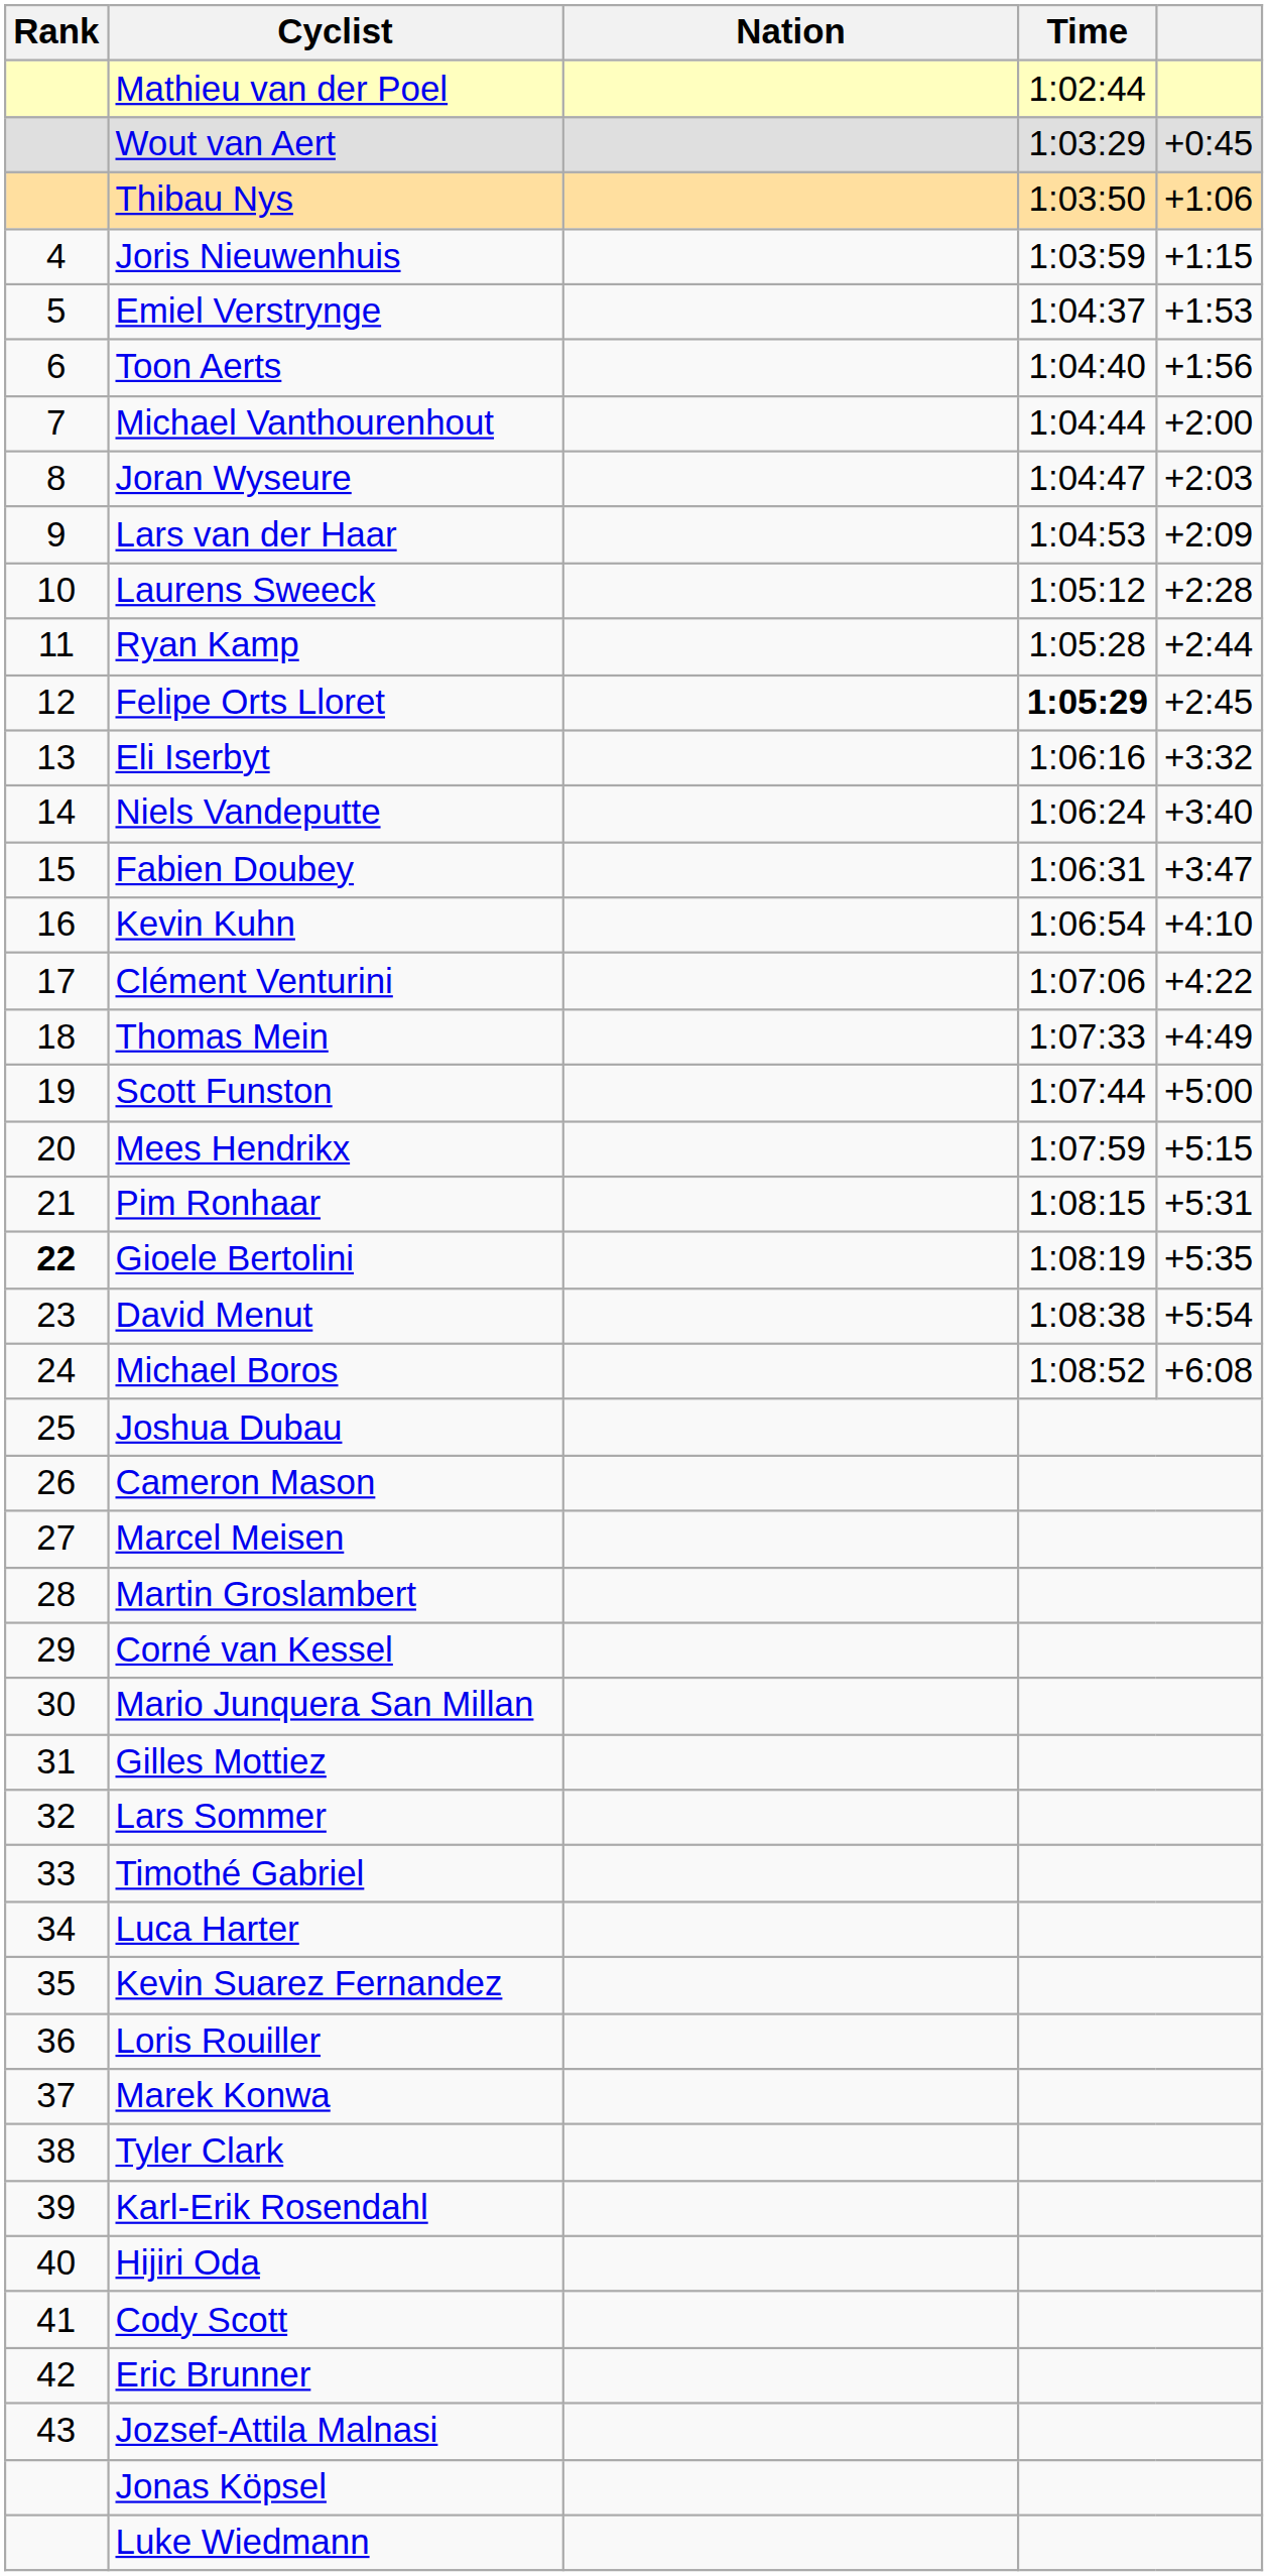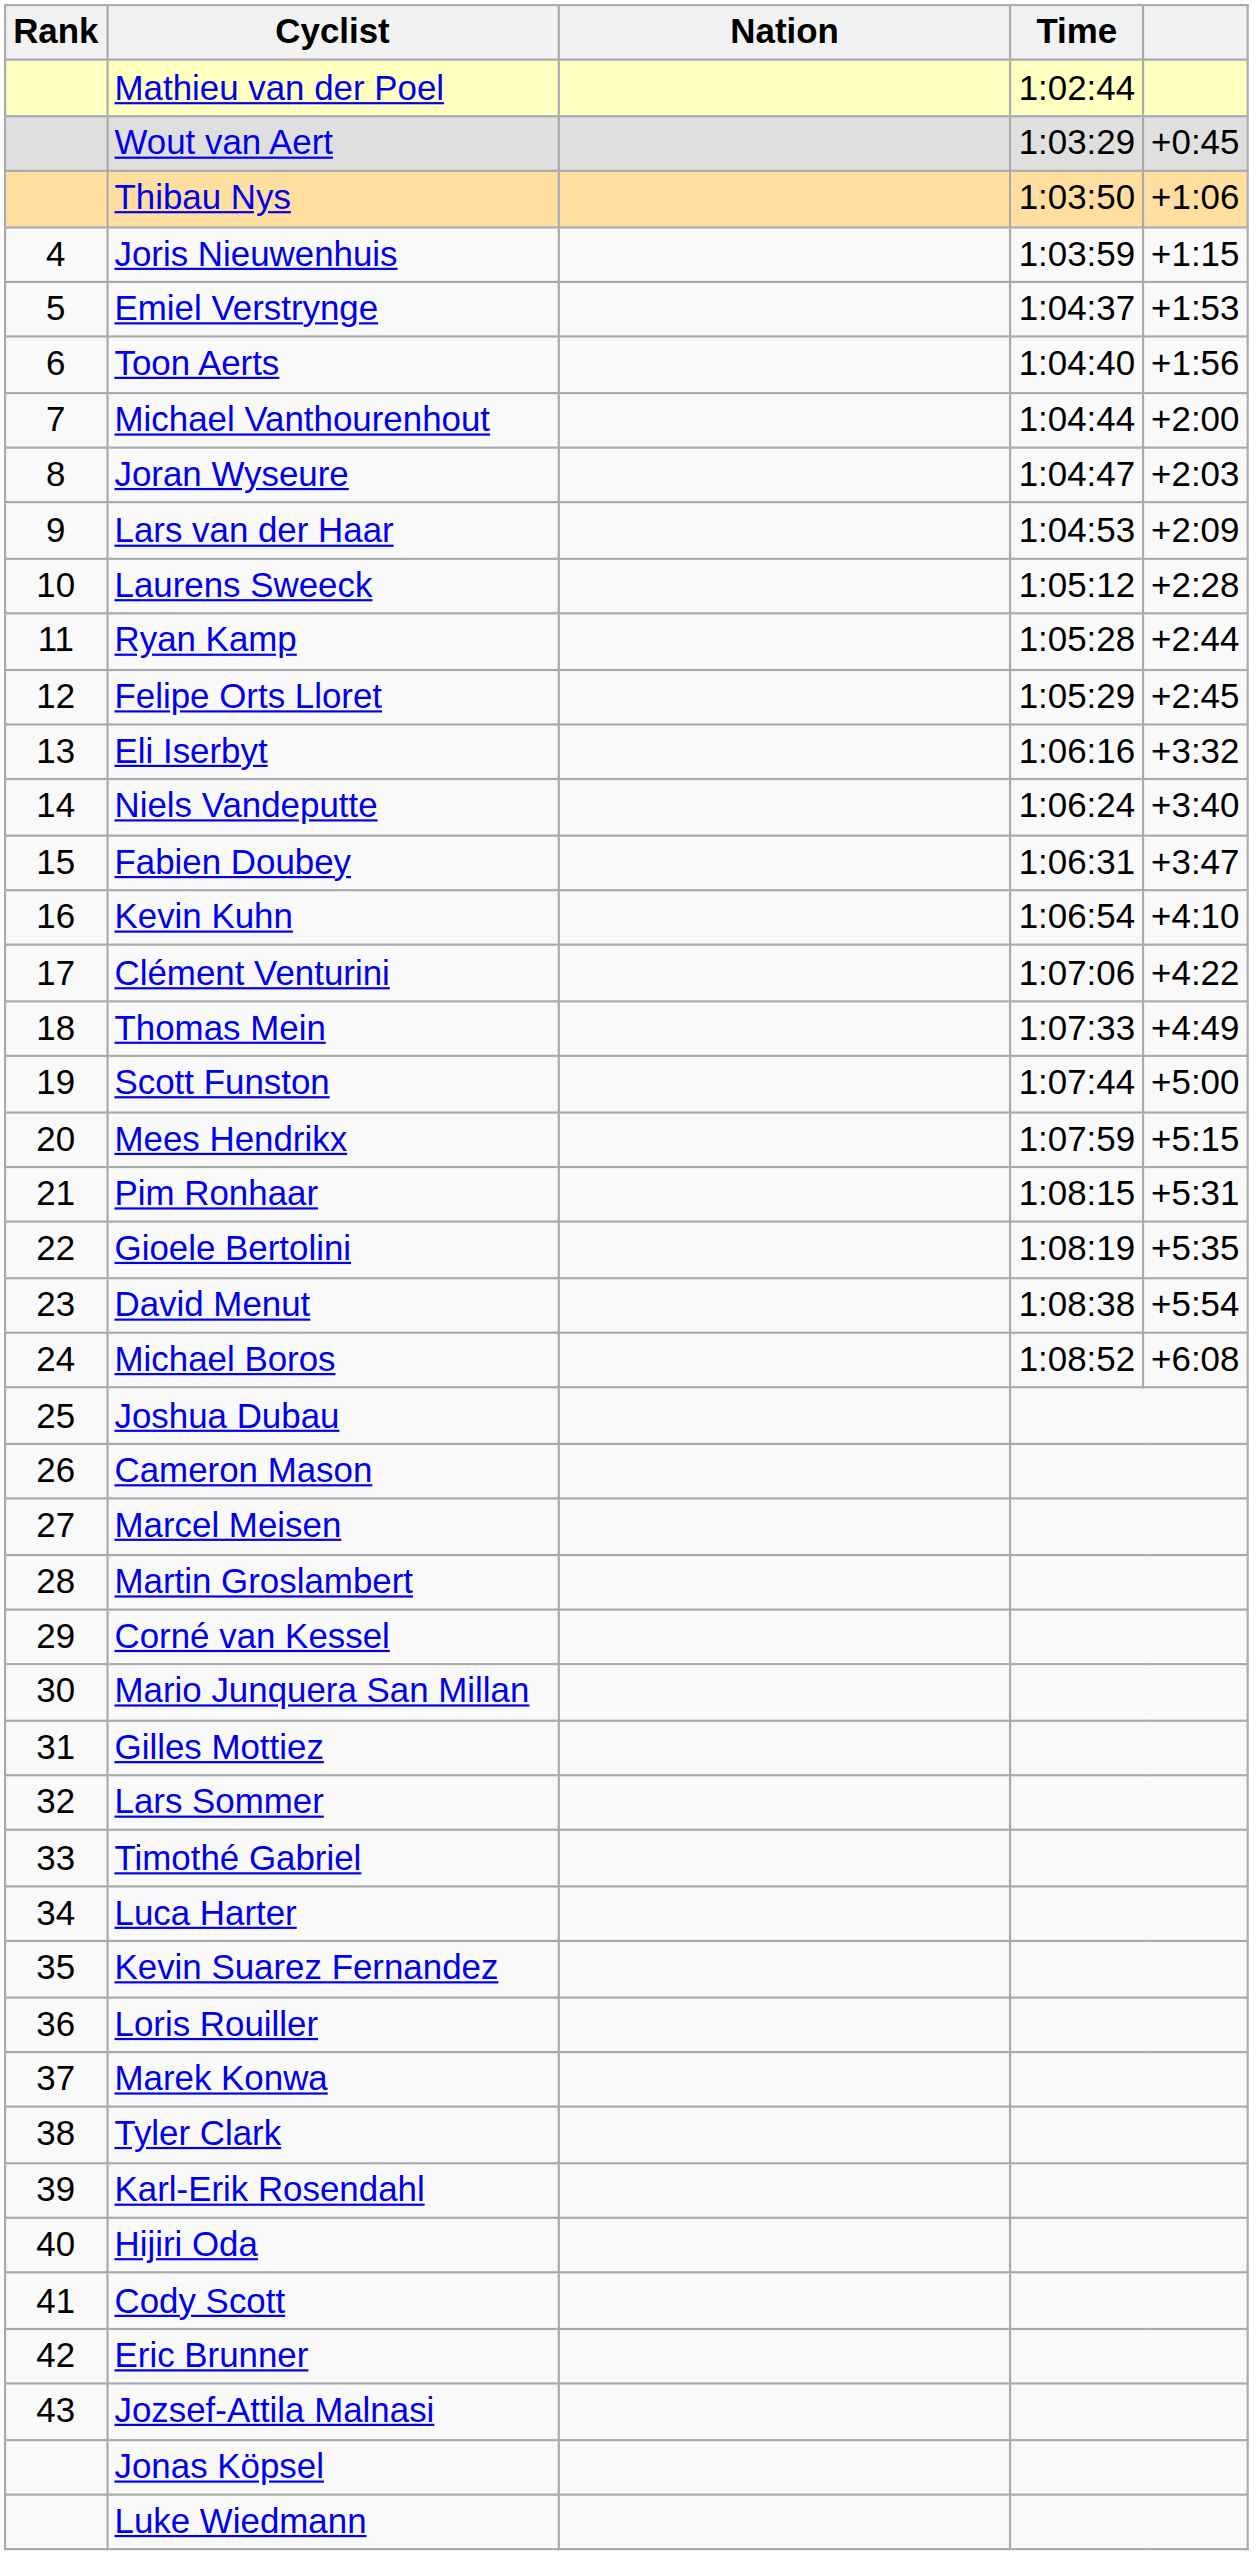 <table class="wikitable sortable" style="text-align:center">
 <tr style="background:#efefef;">
 <th width="30">Rank</th>
 <th width="200">Cyclist</th>
 <th width="200">Nation</th>
 <th width="40">Time</th>
 <th width="40"></th>
 </tr>
 <tr style="background:#FFFFBF;">
 <td></td>
 <td align="left"><a href='#'>Mathieu van der Poel</a></td>
 <td align="left"></td>
 <td>1:02:44</td>
 <td></td>
 </tr>
 <tr style="background:#DFDFDF;">
 <td></td>
 <td align="left"><a href='#'>Wout van Aert</a></td>
 <td align="left"></td>
 <td>1:03:29</td>
 <td>+0:45</td>
 </tr>
 <tr style="background:#FFDF9F;">
 <td></td>
 <td align="left"><a href='#'>Thibau Nys</a></td>
 <td align="left"></td>
 <td>1:03:50</td>
 <td>+1:06</td>
 </tr>
 <tr>
 <td>4</td>
 <td align="left"><a href='#'>Joris Nieuwenhuis</a></td>
 <td align="left"></td>
 <td>1:03:59</td>
 <td>+1:15</td>
 </tr>
 <tr>
 <td>5</td>
 <td align="left"><a href='#'>Emiel Verstrynge</a></td>
 <td align="left"></td>
 <td>1:04:37</td>
 <td>+1:53</td>
 </tr>
 <tr>
 <td>6</td>
 <td align="left"><a href='#'>Toon Aerts</a></td>
 <td align="left"></td>
 <td>1:04:40</td>
 <td>+1:56</td>
 </tr>
 <tr>
 <td>7</td>
 <td align="left"><a href='#'>Michael Vanthourenhout</a></td>
 <td align="left"></td>
 <td>1:04:44</td>
 <td>+2:00</td>
 </tr>
 <tr>
 <td>8</td>
 <td align="left"><a href='#'>Joran Wyseure</a></td>
 <td align="left"></td>
 <td>1:04:47</td>
 <td>+2:03</td>
 </tr>
 <tr>
 <td>9</td>
 <td align="left"><a href='#'>Lars van der Haar</a></td>
 <td align="left"></td>
 <td>1:04:53</td>
 <td>+2:09</td>
 </tr>
 <tr>
 <td>10</td>
 <td align="left"><a href='#'>Laurens Sweeck</a></td>
 <td align="left"></td>
 <td>1:05:12</td>
 <td>+2:28</td>
 </tr>
 <tr>
 <td>11</td>
 <td align="left"><a href='#'>Ryan Kamp</a></td>
 <td align="left"></td>
 <td>1:05:28</td>
 <td>+2:44</td>
 </tr>
 <tr>
 <td>12</td>
 <td align="left"><a href='#'>Felipe Orts Lloret</a></td>
 <td align="left"></td>
-<td><strong>1:05:29</strong></td>
+<td>1:05:29</td>
 <td>+2:45</td>
 </tr>
 <tr>
 <td>13</td>
 <td align="left"><a href='#'>Eli Iserbyt</a></td>
 <td align="left"></td>
 <td>1:06:16</td>
 <td>+3:32</td>
 </tr>
 <tr>
 <td>14</td>
 <td align="left"><a href='#'>Niels Vandeputte</a></td>
 <td align="left"></td>
 <td>1:06:24</td>
 <td>+3:40</td>
 </tr>
 <tr>
 <td>15</td>
 <td align="left"><a href='#'>Fabien Doubey</a></td>
 <td align="left"></td>
 <td>1:06:31</td>
 <td>+3:47</td>
 </tr>
 <tr>
 <td>16</td>
 <td align="left"><a href='#'>Kevin Kuhn</a></td>
 <td align="left"></td>
 <td>1:06:54</td>
 <td>+4:10</td>
 </tr>
 <tr>
 <td>17</td>
 <td align="left"><a href='#'>Clément Venturini</a></td>
 <td align="left"></td>
 <td>1:07:06</td>
 <td>+4:22</td>
 </tr>
 <tr>
 <td>18</td>
 <td align="left"><a href='#'>Thomas Mein</a></td>
 <td align="left"></td>
 <td>1:07:33</td>
 <td>+4:49</td>
 </tr>
 <tr>
 <td>19</td>
 <td align="left"><a href='#'>Scott Funston</a></td>
 <td align="left"></td>
 <td>1:07:44</td>
 <td>+5:00</td>
 </tr>
 <tr>
 <td>20</td>
 <td align="left"><a href='#'>Mees Hendrikx</a></td>
 <td align="left"></td>
 <td>1:07:59</td>
 <td>+5:15</td>
 </tr>
 <tr>
 <td>21</td>
 <td align="left"><a href='#'>Pim Ronhaar</a></td>
 <td align="left"></td>
 <td>1:08:15</td>
 <td>+5:31</td>
 </tr>
 <tr>
-<td><strong>22</strong></td>
+<td>22</td>
 <td align="left"><a href='#'>Gioele Bertolini</a></td>
 <td align="left"></td>
 <td>1:08:19</td>
 <td>+5:35</td>
 </tr>
 <tr>
 <td>23</td>
 <td align="left"><a href='#'>David Menut</a></td>
 <td align="left"></td>
 <td>1:08:38</td>
 <td>+5:54</td>
 </tr>
 <tr>
 <td>24</td>
 <td align="left"><a href='#'>Michael Boros</a></td>
 <td align="left"></td>
 <td>1:08:52</td>
 <td>+6:08</td>
 </tr>
 <tr>
 <td>25</td>
 <td align="left"><a href='#'>Joshua Dubau</a></td>
 <td align="left"></td>
 <td colspan="2"></td>
 </tr>
 <tr>
 <td>26</td>
 <td align="left"><a href='#'>Cameron Mason</a></td>
 <td align="left"></td>
 <td colspan="2"></td>
 </tr>
 <tr>
 <td>27</td>
 <td align="left"><a href='#'>Marcel Meisen</a></td>
 <td align="left"></td>
 <td colspan="2"></td>
 </tr>
 <tr>
 <td>28</td>
 <td align="left"><a href='#'>Martin Groslambert</a></td>
 <td align="left"></td>
 <td colspan="2"></td>
 </tr>
 <tr>
 <td>29</td>
 <td align="left"><a href='#'>Corné van Kessel</a></td>
 <td align="left"></td>
 <td colspan="2"></td>
 </tr>
 <tr>
 <td>30</td>
 <td align="left"><a href='#'>Mario Junquera San Millan</a></td>
 <td align="left"></td>
 <td colspan="2"></td>
 </tr>
 <tr>
 <td>31</td>
 <td align="left"><a href='#'>Gilles Mottiez</a></td>
 <td align="left"></td>
 <td colspan="2"></td>
 </tr>
 <tr>
 <td>32</td>
 <td align="left"><a href='#'>Lars Sommer</a></td>
 <td align="left"></td>
 <td colspan="2"></td>
 </tr>
 <tr>
 <td>33</td>
 <td align="left"><a href='#'>Timothé Gabriel</a></td>
 <td align="left"></td>
 <td colspan="2"></td>
 </tr>
 <tr>
 <td>34</td>
 <td align="left"><a href='#'>Luca Harter</a></td>
 <td align="left"></td>
 <td colspan="2"></td>
 </tr>
 <tr>
 <td>35</td>
 <td align="left"><a href='#'>Kevin Suarez Fernandez</a></td>
 <td align="left"></td>
 <td colspan="2"></td>
 </tr>
 <tr>
 <td>36</td>
 <td align="left"><a href='#'>Loris Rouiller</a></td>
 <td align="left"></td>
 <td colspan="2"></td>
 </tr>
 <tr>
 <td>37</td>
 <td align="left"><a href='#'>Marek Konwa</a></td>
 <td align="left"></td>
 <td colspan="2"></td>
 </tr>
 <tr>
 <td>38</td>
 <td align="left"><a href='#'> Tyler Clark</a></td>
 <td align="left"></td>
 <td colspan="2"></td>
 </tr>
 <tr>
 <td>39</td>
 <td align="left"><a href='#'>Karl-Erik Rosendahl</a></td>
 <td align="left"></td>
 <td colspan="2"></td>
 </tr>
 <tr>
 <td>40</td>
 <td align="left"><a href='#'>Hijiri Oda</a></td>
 <td align="left"></td>
 <td colspan="2"></td>
 </tr>
 <tr>
 <td>41</td>
 <td align="left"><a href='#'>Cody Scott</a></td>
 <td align="left"></td>
 <td colspan="2"></td>
 </tr>
 <tr>
 <td>42</td>
 <td align="left"><a href='#'> Eric Brunner</a></td>
 <td align="left"></td>
 <td colspan="2"></td>
 </tr>
 <tr>
 <td>43</td>
 <td align="left"><a href='#'>Jozsef-Attila Malnasi</a></td>
 <td align="left"></td>
 <td colspan="2"></td>
 </tr>
 <tr>
 <td></td>
 <td align="left"><a href='#'>Jonas Köpsel</a></td>
 <td align="left"></td>
 <td colspan="2"></td>
 </tr>
 <tr>
 <td></td>
 <td align="left"><a href='#'>Luke Wiedmann</a></td>
 <td align="left"></td>
 <td colspan="2"></td>
 </tr>
 </table>
